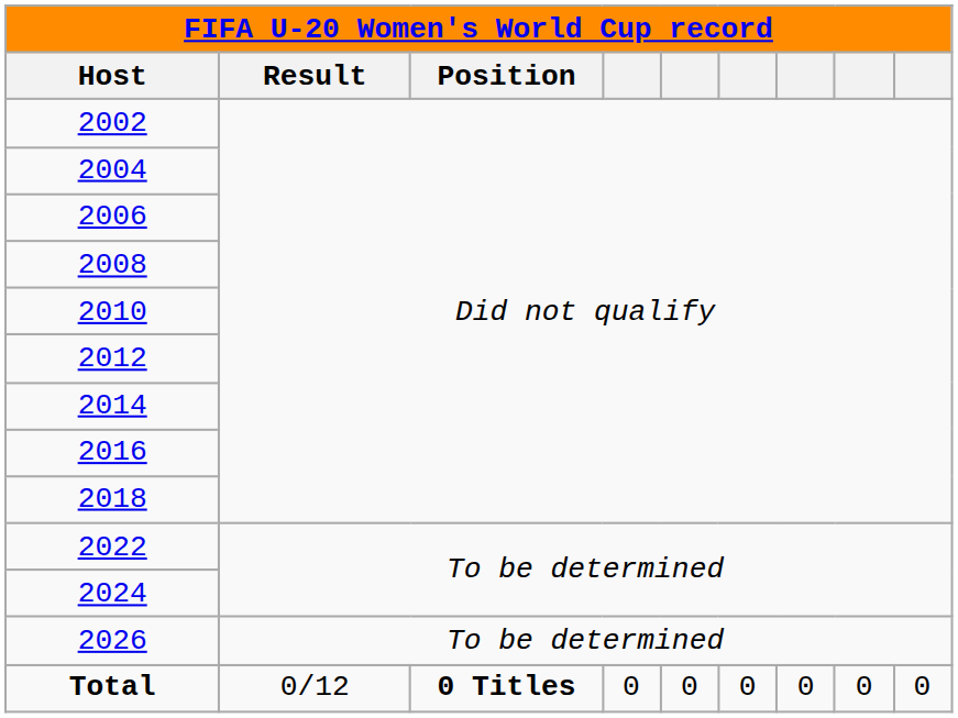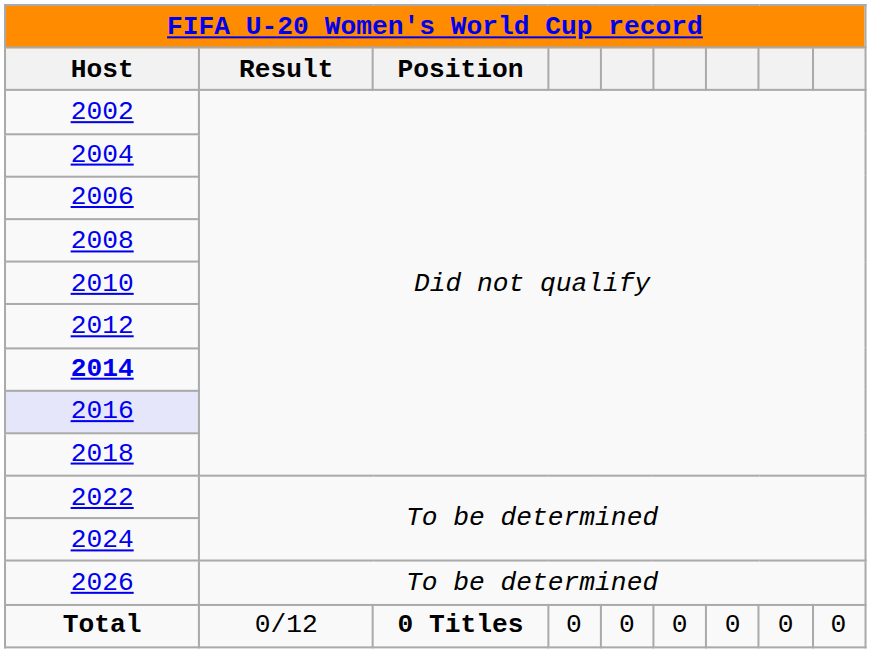 <table class="wikitable collapsible" style="text-align: center;">
 <tr>
 <th colspan=9 style="background: #FF8C00; color: #0000FF;"><a href='#'>FIFA U-20 Women's World Cup record</a></th>
 </tr>
 <tr>
 <th width="90">Host</th>
 <th width="80">Result</th>
 <th width="80">Position</th>
 <th width="20"></th>
 <th width="20"></th>
 <th width="20"></th>
 <th width="20"></th>
 <th width="20"></th>
 <th width="20"></th>
 </tr>
 <tr>
 <td> <a href='#'>2002</a></td>
 <td rowspan=9 colspan=9><em>Did not qualify</em></td>
 </tr>
 <tr>
 <td> <a href='#'>2004</a></td>
 </tr>
 <tr>
 <td> <a href='#'>2006</a></td>
 </tr>
 <tr>
 <td> <a href='#'>2008</a></td>
 </tr>
 <tr>
 <td> <a href='#'>2010</a></td>
 </tr>
 <tr>
 <td> <a href='#'>2012</a></td>
 </tr>
 <tr>
-<td> <a href='#'>2014</a></td>
+<td><strong> <a href='#'>2014</a></strong></td>
 </tr>
 <tr>
-<td> <a href='#'>2016</a></td>
+<td style="background: lavender;"> <a href='#'>2016</a></td>
 </tr>
 <tr>
 <td> <a href='#'>2018</a></td>
 </tr>
 <tr>
 <td> <a href='#'>2022</a></td>
 <td rowspan=2 colspan=10><em>To be determined</em></td>
 </tr>
 <tr>
 <td> <a href='#'>2024</a></td>
 </tr>
 <tr>
 <td> <a href='#'>2026</a></td>
 <td colspan=10><em>To be determined</em></td>
 </tr>
 <tr>
 <td><strong>Total</strong></td>
 <td>0/12</td>
 <td><strong>0 Titles</strong></td>
 <td>0</td>
 <td>0</td>
 <td>0</td>
 <td>0</td>
 <td>0</td>
 <td>0</td>
 </tr>
 </table>
